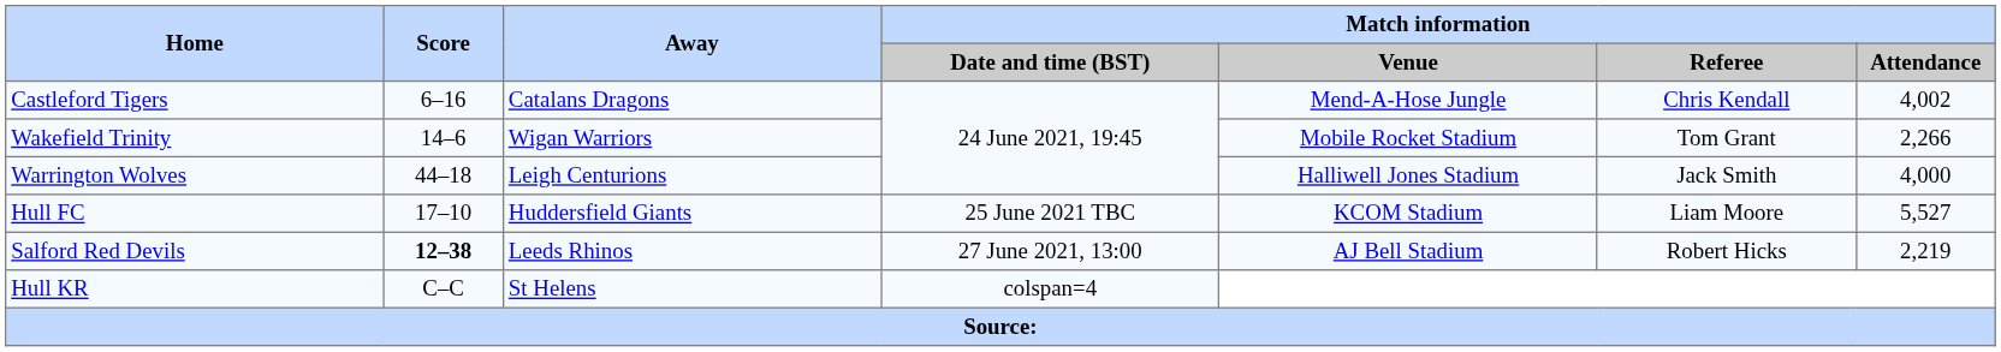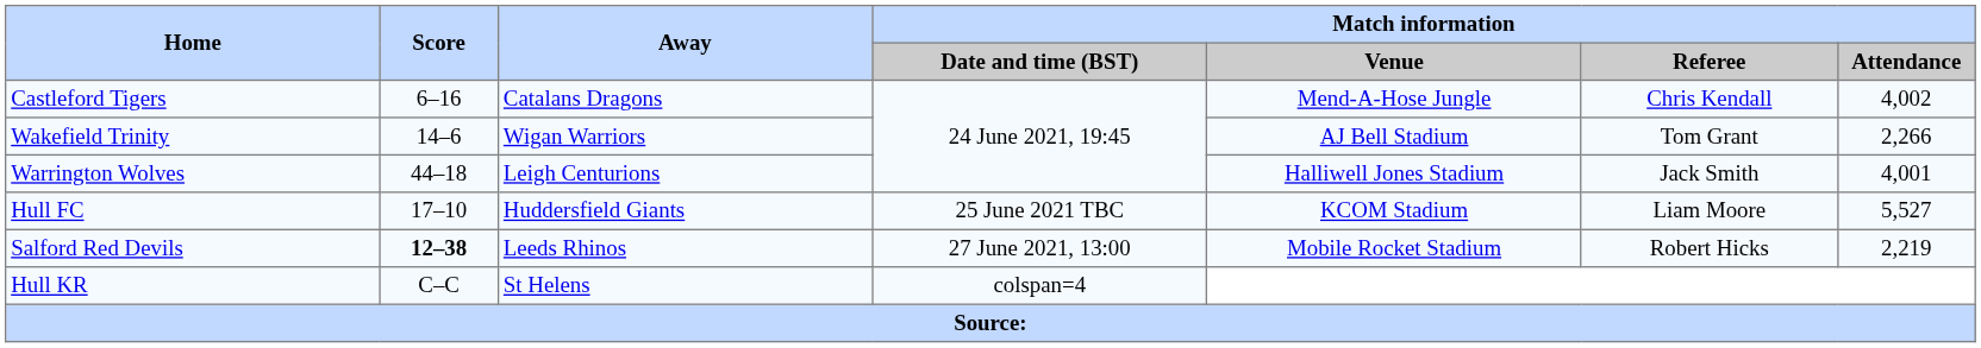 <table border=1 style="border-collapse:collapse; font-size:90%; text-align:center;" cellpadding=3 cellspacing=0 width=100%>
 <tr style="background:#C1D8ff;">
 <th scope="col" rowspan=2 width=19%>Home</th>
 <th scope="col" rowspan=2 width=6%>Score</th>
 <th scope="col" rowspan=2 width=19%>Away</th>
 <th colspan=4>Match information</th>
 </tr>
 <tr style="background:#CCCCCC;">
 <th scope="col" width=17%>Date and time (BST)</th>
 <th scope="col" width=19%>Venue</th>
 <th scope="col" width=13%>Referee</th>
 <th scope="col" width=7%>Attendance</th>
 </tr>
 <tr style="background:#F5FAFF;">
 <td style="text-align:left;"> <a href='#'>Castleford Tigers</a></td>
 <td>6–16</td>
 <td style="text-align:left;"> <a href='#'>Catalans Dragons</a></td>
 <td rowspan=3>24 June 2021, 19:45</td>
 <td><a href='#'>Mend-A-Hose Jungle</a></td>
 <td><a href='#'>Chris Kendall</a></td>
 <td>4,002</td>
 </tr>
 <tr style="background:#F5FAFF;">
 <td style="text-align:left;"> <a href='#'>Wakefield Trinity</a></td>
 <td>14–6</td>
 <td style="text-align:left;"> <a href='#'>Wigan Warriors</a></td>
-<td><a href='#'>Mobile Rocket Stadium</a></td>
+<td><a href='#'>AJ Bell Stadium</a></td>
 <td>Tom Grant</td>
 <td>2,266</td>
 </tr>
 <tr style="background:#F5FAFF;">
 <td style="text-align:left;"> <a href='#'>Warrington Wolves</a></td>
 <td>44–18</td>
 <td style="text-align:left;"> <a href='#'>Leigh Centurions</a></td>
 <td><a href='#'>Halliwell Jones Stadium</a></td>
 <td>Jack Smith</td>
-<td>4,000</td>
+<td>4,001</td>
 </tr>
 <tr style="background:#F5FAFF;">
 <td style="text-align:left;"> <a href='#'>Hull FC</a></td>
 <td>17–10</td>
 <td style="text-align:left;"> <a href='#'>Huddersfield Giants</a></td>
 <td>25 June 2021 TBC</td>
 <td><a href='#'>KCOM Stadium</a></td>
 <td>Liam Moore</td>
 <td>5,527</td>
 </tr>
 <tr style="background:#F5FAFF;">
 <td style="text-align:left;"> <a href='#'>Salford Red Devils</a></td>
 <td><strong>12–38</strong></td>
 <td style="text-align:left;"> <a href='#'>Leeds Rhinos</a></td>
 <td>27 June 2021, 13:00</td>
-<td><a href='#'>AJ Bell Stadium</a></td>
+<td><a href='#'>Mobile Rocket Stadium</a></td>
 <td>Robert Hicks</td>
 <td>2,219</td>
 </tr>
 <tr style="background:#F5FAFF;">
 <td style="text-align:left;"> <a href='#'>Hull KR</a></td>
 <td>C–C</td>
 <td style="text-align:left;"> <a href='#'>St Helens</a></td>
 <td>colspan=4 </td>
 </tr>
 <tr style="background:#c1d8ff;">
 <th colspan=7>Source:</th>
 </tr>
 </table>
